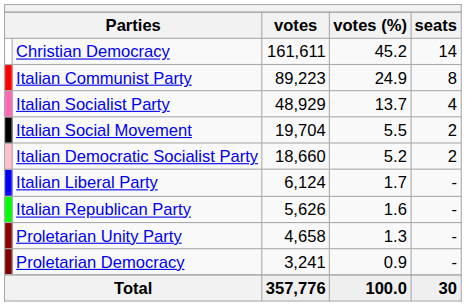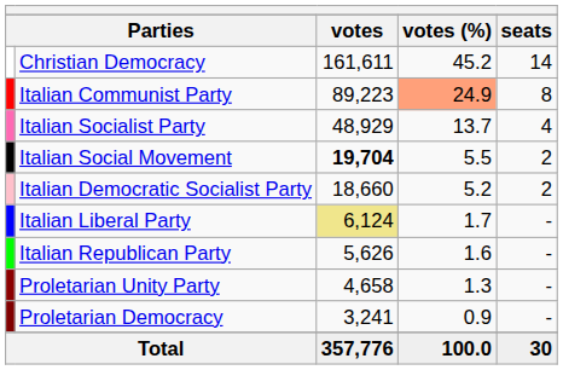 <table class="wikitable" style="font-size:95%">
 <tr>
 <th colspan=5></th>
 </tr>
 <tr>
 </tr>
 <tr bgcolor="EFEFEF">
 <th colspan=2>Parties</th>
 <th>votes</th>
 <th>votes (%)</th>
 <th>seats</th>
 </tr>
 <tr>
 <td bgcolor=White></td>
 <td><a href='#'>Christian Democracy</a></td>
 <td align=right>161,611</td>
 <td align=right>45.2</td>
 <td align=right>14</td>
 </tr>
 <tr>
 <td bgcolor=Red></td>
 <td><a href='#'>Italian Communist Party</a></td>
 <td align=right>89,223</td>
-<td align=right>24.9</td>
+<td align=right style="background: lightsalmon;">24.9</td>
 <td align=right>8</td>
 </tr>
 <tr>
 <td bgcolor=Hotpink></td>
 <td><a href='#'>Italian Socialist Party</a></td>
 <td align=right>48,929</td>
 <td align=right>13.7</td>
 <td align=right>4</td>
 </tr>
 <tr>
 <td bgcolor=Black></td>
 <td><a href='#'>Italian Social Movement</a></td>
-<td align=right>19,704</td>
+<td align=right><strong>19,704</strong></td>
 <td align=right>5.5</td>
 <td align=right>2</td>
 </tr>
 <tr>
 <td bgcolor=Pink></td>
 <td><a href='#'>Italian Democratic Socialist Party</a></td>
 <td align=right>18,660</td>
 <td align=right>5.2</td>
 <td align=right>2</td>
 </tr>
 <tr>
 <td bgcolor=Blue></td>
 <td><a href='#'>Italian Liberal Party</a></td>
-<td align=right>6,124</td>
+<td align=right style="background: khaki;">6,124</td>
 <td align=right>1.7</td>
 <td align=right>-</td>
 </tr>
 <tr>
 <td bgcolor=Lime></td>
 <td><a href='#'>Italian Republican Party</a></td>
 <td align=right>5,626</td>
 <td align=right>1.6</td>
 <td align=right>-</td>
 </tr>
 <tr>
 <td bgcolor=Darkred></td>
 <td><a href='#'>Proletarian Unity Party</a></td>
 <td align=right>4,658</td>
 <td align=right>1.3</td>
 <td align=right>-</td>
 </tr>
 <tr>
 <td bgcolor=Maroon></td>
 <td><a href='#'>Proletarian Democracy</a></td>
 <td align=right>3,241</td>
 <td align=right>0.9</td>
 <td align=right>-</td>
 </tr>
 <tr>
 </tr>
 <tr bgcolor="EFEFEF">
 <th colspan=2><strong>Total</strong></th>
 <td align=right><strong>357,776</strong></td>
 <td align=right><strong>100.0</strong></td>
 <td align=right><strong>30</strong></td>
 </tr>
 </table>
